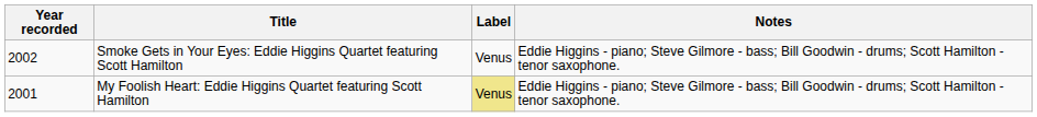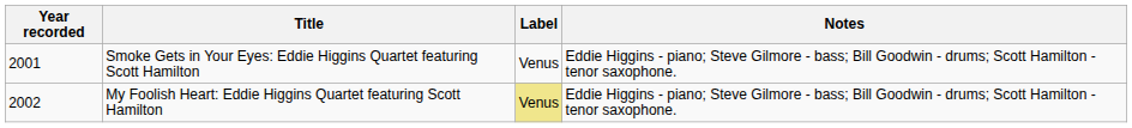 <table class="wikitable sortable">
 <tr>
 <th>Year recorded</th>
 <th>Title</th>
 <th>Label</th>
 <th>Notes</th>
 </tr>
 <tr>
-<td>2002</td>
+<td>2001</td>
 <td>Smoke Gets in Your Eyes: Eddie Higgins Quartet featuring Scott Hamilton</td>
 <td>Venus</td>
 <td>Eddie Higgins - piano; Steve Gilmore - bass; Bill Goodwin - drums; Scott Hamilton - tenor saxophone.</td>
 </tr>
 <tr>
-<td>2001</td>
+<td>2002</td>
 <td>My Foolish Heart: Eddie Higgins Quartet featuring Scott Hamilton</td>
 <td style="background: khaki;">Venus</td>
 <td>Eddie Higgins - piano; Steve Gilmore - bass; Bill Goodwin - drums; Scott Hamilton - tenor saxophone.</td>
 </tr>
 </table>
